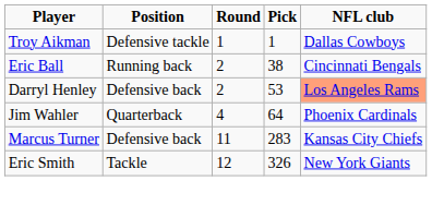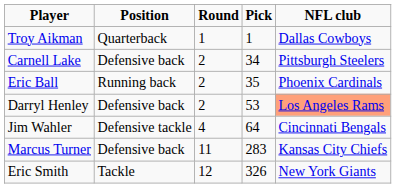 <table class="wikitable">
 <tr align="center">
 <td><strong>Player</strong></td>
 <td><strong>Position</strong></td>
 <td><strong>Round</strong></td>
 <td><strong>Pick</strong></td>
 <td><strong>NFL club</strong></td>
 </tr>
 <tr>
 <td><a href='#'>Troy Aikman</a></td>
-<td>Defensive tackle</td>
+<td>Quarterback</td>
 <td>1</td>
 <td>1</td>
 <td><a href='#'>Dallas Cowboys</a></td>
 </tr>
 <tr>
+<td><a href='#'>Carnell Lake</a></td>
+<td>Defensive back</td>
+<td>2</td>
+<td>34</td>
+<td><a href='#'>Pittsburgh Steelers</a></td>
+</tr>
+<tr>
 <td><a href='#'>Eric Ball</a></td>
 <td>Running back</td>
 <td>2</td>
-<td>38</td>
-<td><a href='#'>Cincinnati Bengals</a></td>
+<td>35</td>
+<td><a href='#'>Phoenix Cardinals</a></td>
 </tr>
 <tr>
 <td>Darryl Henley</td>
 <td>Defensive back</td>
 <td>2</td>
 <td>53</td>
 <td style="background: lightsalmon;"><a href='#'>Los Angeles Rams</a></td>
 </tr>
 <tr>
 <td>Jim Wahler</td>
-<td>Quarterback</td>
+<td>Defensive tackle</td>
 <td>4</td>
 <td>64</td>
-<td><a href='#'>Phoenix Cardinals</a></td>
+<td><a href='#'>Cincinnati Bengals</a></td>
 </tr>
 <tr>
 <td><a href='#'>Marcus Turner</a></td>
 <td>Defensive back</td>
 <td>11</td>
 <td>283</td>
 <td><a href='#'>Kansas City Chiefs</a></td>
 </tr>
 <tr>
 <td>Eric Smith</td>
 <td>Tackle</td>
 <td>12</td>
 <td>326</td>
 <td><a href='#'>New York Giants</a></td>
 </tr>
 </table>
